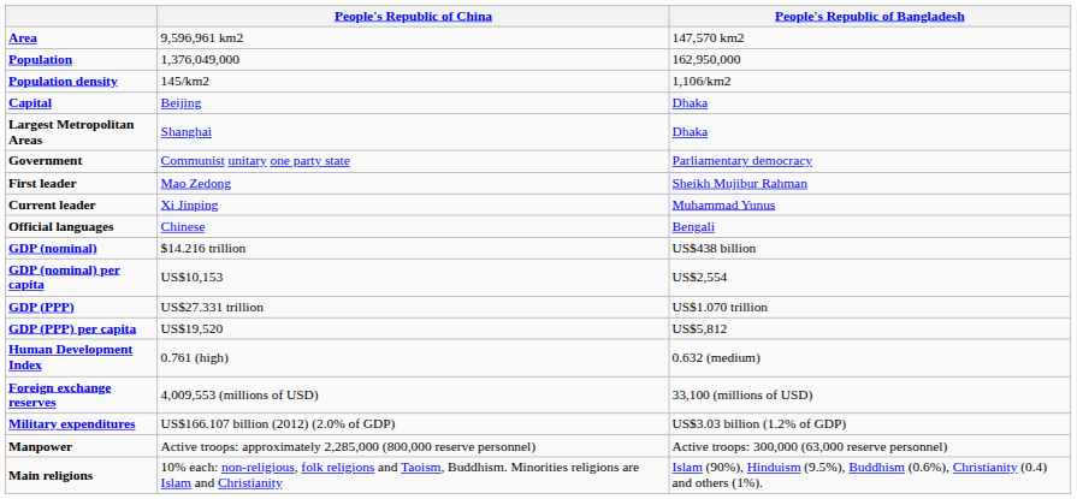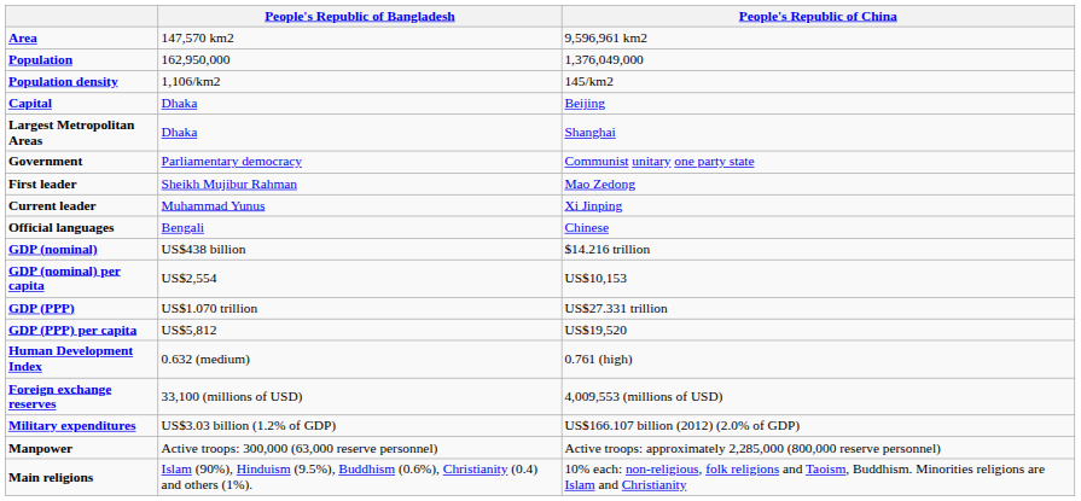 <table class="wikitable">
 <tr>
 <th></th>
+<th> <strong><a href='#'>People's Republic of Bangladesh</a></strong></th>
 <th> <strong><a href='#'>People's Republic of China</a></strong></th>
-<th> <strong><a href='#'>People's Republic of Bangladesh</a></strong></th>
 </tr>
 <tr>
 <td><strong><a href='#'>Area</a></strong></td>
+<td>147,570 km2</td>
 <td>9,596,961 km2</td>
-<td>147,570 km2</td>
 </tr>
 <tr>
 <td><strong><a href='#'>Population</a></strong></td>
+<td>162,950,000</td>
 <td>1,376,049,000</td>
-<td>162,950,000</td>
 </tr>
 <tr>
 <td><strong><a href='#'>Population density</a></strong></td>
+<td>1,106/km2</td>
 <td>145/km2</td>
-<td>1,106/km2</td>
 </tr>
 <tr>
 <td><strong><a href='#'>Capital</a></strong></td>
+<td><a href='#'>Dhaka</a></td>
 <td><a href='#'>Beijing</a></td>
-<td><a href='#'>Dhaka</a></td>
 </tr>
 <tr>
 <td><strong>Largest Metropolitan Areas</strong></td>
+<td><a href='#'>Dhaka</a></td>
 <td><a href='#'>Shanghai</a></td>
-<td><a href='#'>Dhaka</a></td>
 </tr>
 <tr>
 <td><strong>Government</strong></td>
+<td><a href='#'>Parliamentary democracy</a></td>
 <td><a href='#'>Communist</a> <a href='#'>unitary</a> <a href='#'>one party state</a></td>
-<td><a href='#'>Parliamentary democracy</a></td>
 </tr>
 <tr>
 <td><strong>First leader</strong></td>
+<td><a href='#'>Sheikh Mujibur Rahman</a></td>
 <td><a href='#'>Mao Zedong</a></td>
-<td><a href='#'>Sheikh Mujibur Rahman</a></td>
 </tr>
 <tr>
 <td><strong>Current leader</strong></td>
+<td><a href='#'>Muhammad Yunus</a></td>
 <td><a href='#'>Xi Jinping</a></td>
-<td><a href='#'>Muhammad Yunus</a></td>
 </tr>
 <tr>
 <td><strong>Official languages</strong></td>
+<td><a href='#'>Bengali</a></td>
 <td><a href='#'>Chinese</a></td>
-<td><a href='#'>Bengali</a></td>
 </tr>
 <tr>
 <td><strong><a href='#'>GDP (nominal)</a></strong></td>
+<td>US$438 billion</td>
 <td>$14.216 trillion</td>
-<td>US$438 billion</td>
 </tr>
 <tr>
 <td><strong><a href='#'>GDP (nominal) per capita</a></strong></td>
+<td>US$2,554</td>
 <td>US$10,153</td>
-<td>US$2,554</td>
 </tr>
 <tr>
 <td><strong><a href='#'>GDP (PPP)</a></strong></td>
+<td>US$1.070 trillion</td>
 <td>US$27.331 trillion</td>
-<td>US$1.070 trillion</td>
 </tr>
 <tr>
 <td><strong><a href='#'>GDP (PPP) per capita</a></strong></td>
+<td>US$5,812</td>
 <td>US$19,520</td>
-<td>US$5,812</td>
 </tr>
 <tr>
 <td><strong><a href='#'>Human Development Index</a></strong></td>
+<td>0.632 (<span>medium</span>)</td>
 <td>0.761 (<span>high</span>)</td>
-<td>0.632 (<span>medium</span>)</td>
 </tr>
 <tr>
 <td><strong><a href='#'>Foreign exchange reserves</a></strong></td>
+<td>33,100 (millions of USD)</td>
 <td>4,009,553 (millions of USD)</td>
-<td>33,100 (millions of USD)</td>
 </tr>
 <tr>
 <td><strong><a href='#'>Military expenditures</a></strong></td>
+<td>US$3.03 billion (1.2% of GDP)</td>
 <td>US$166.107 billion (2012) (2.0% of GDP)</td>
-<td>US$3.03 billion (1.2% of GDP)</td>
 </tr>
 <tr>
 <td><strong>Manpower</strong></td>
+<td>Active troops: 300,000 (63,000 reserve personnel)</td>
 <td>Active troops: approximately 2,285,000 (800,000 reserve personnel)</td>
-<td>Active troops: 300,000 (63,000 reserve personnel)</td>
 </tr>
 <tr>
 <td><strong>Main religions</strong></td>
+<td><a href='#'>Islam</a> (90%), <a href='#'>Hinduism</a> (9.5%), <a href='#'>Buddhism</a> (0.6%), <a href='#'>Christianity</a> (0.4) and others (1%).</td>
 <td>10% each: <a href='#'>non-religious</a>, <a href='#'>folk religions</a> and <a href='#'>Taoism</a>, Buddhism. Minorities religions are <a href='#'>Islam</a> and <a href='#'>Christianity</a></td>
-<td><a href='#'>Islam</a> (90%), <a href='#'>Hinduism</a> (9.5%), <a href='#'>Buddhism</a> (0.6%), <a href='#'>Christianity</a> (0.4) and others (1%).</td>
 </tr>
 </table>
